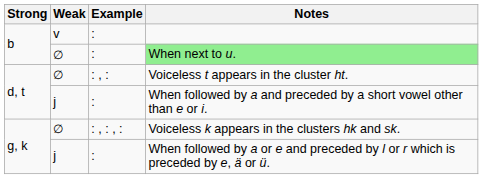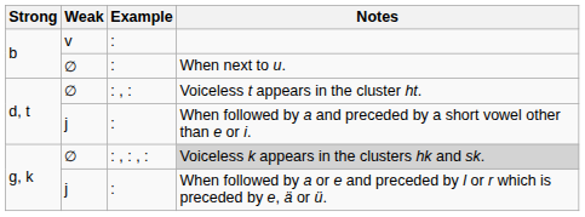 <table class="wikitable">
 <tr>
 <th>Strong</th>
 <th>Weak</th>
 <th>Example</th>
 <th>Notes</th>
 </tr>
 <tr>
 <td rowspan="2">b</td>
 <td>v</td>
 <td>: </td>
 <td></td>
 </tr>
 <tr>
 <td>∅</td>
 <td>: </td>
-<td style="background: lightgreen;">When next to <em>u</em>.</td>
+<td>When next to <em>u</em>.</td>
 </tr>
 <tr>
 <td rowspan="2">d, t</td>
 <td>∅</td>
 <td>: , : </td>
 <td>Voiceless <em>t</em> appears in the cluster <em>ht</em>.</td>
 </tr>
 <tr>
 <td>j</td>
 <td>: </td>
 <td>When followed by <em>a</em> and preceded by a short vowel other than <em>e</em> or <em>i</em>.</td>
 </tr>
 <tr>
 <td rowspan="2">g, k</td>
 <td>∅</td>
 <td>: , : , : </td>
-<td>Voiceless <em>k</em> appears in the clusters <em>hk</em> and <em>sk</em>.</td>
+<td style="background: lightgrey;">Voiceless <em>k</em> appears in the clusters <em>hk</em> and <em>sk</em>.</td>
 </tr>
 <tr>
 <td>j</td>
 <td>: </td>
 <td>When followed by <em>a</em> or <em>e</em> and preceded by <em>l</em> or <em>r</em> which is preceded by <em>e</em>, <em>ä</em> or <em>ü</em>.</td>
 </tr>
 </table>
